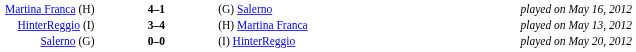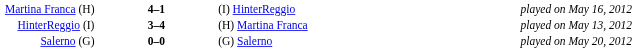 <table width="100%" cellspacing="1">
 <tr>
 <th width="30%"></th>
 <th width="12%"></th>
 <th width="30%"></th>
 <th width="30%'"></th>
 <th></th>
 </tr>
 <tr style="font-size:90%;">
 <td align="right"><a href='#'>Martina Franca</a> (H)</td>
 <td align="center"><strong>4–1</strong></td>
-<td align="left">(G) <a href='#'>Salerno</a></td>
+<td align="left">(I) <a href='#'>HinterReggio</a></td>
 <td align="left"><em>played on May 16, 2012</em></td>
 </tr>
 <tr style="font-size:90%;">
 <td align="right"><a href='#'>HinterReggio</a> (I)</td>
 <td align="center"><strong>3–4</strong></td>
 <td align="left">(H) <a href='#'>Martina Franca</a></td>
 <td align="left"><em>played on May 13, 2012</em></td>
 </tr>
 <tr style="font-size:90%;">
 <td align="right"><a href='#'>Salerno</a> (G)</td>
 <td align="center"><strong>0–0</strong></td>
-<td align="left">(I) <a href='#'>HinterReggio</a></td>
+<td align="left">(G) <a href='#'>Salerno</a></td>
 <td align="left"><em>played on May 20, 2012</em></td>
 </tr>
 </table>
